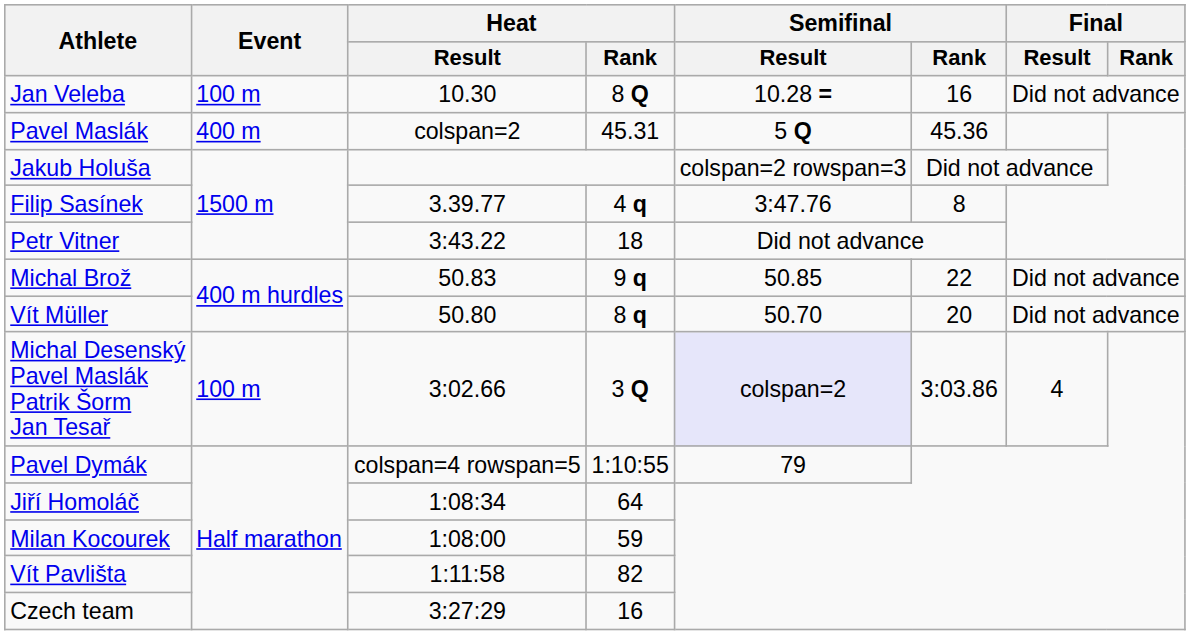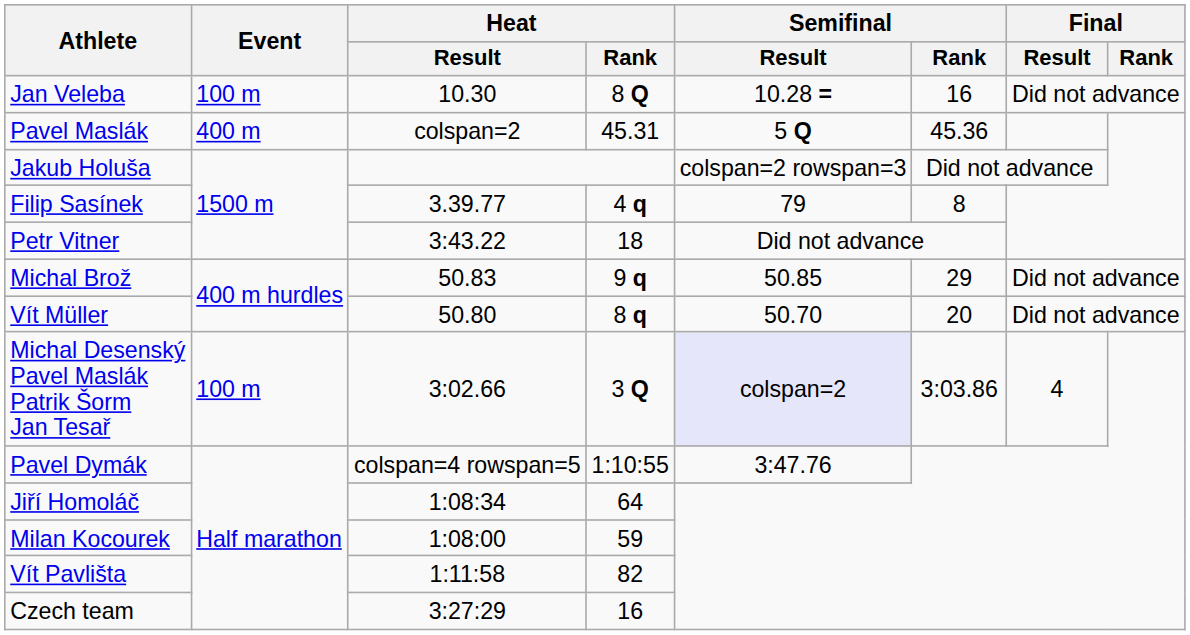 <table class="wikitable" style="font-size:90%">
 <tr>
 <th rowspan=2>Athlete</th>
 <th rowspan=2>Event</th>
 <th colspan=2>Heat</th>
 <th colspan=2>Semifinal</th>
 <th colspan=2>Final</th>
 </tr>
 <tr style="font-size:95%">
 <th>Result</th>
 <th>Rank</th>
 <th>Result</th>
 <th>Rank</th>
 <th>Result</th>
 <th>Rank</th>
 </tr>
 <tr align=center>
 <td align=left><a href='#'>Jan Veleba</a></td>
 <td style="text-align:left;"><a href='#'>100 m</a></td>
 <td>10.30</td>
 <td>8 <strong>Q</strong></td>
 <td>10.28 <strong>=</strong></td>
 <td>16</td>
 <td colspan=2>Did not advance</td>
 </tr>
 <tr align=center>
 <td align=left><a href='#'>Pavel Maslák</a></td>
 <td style="text-align:left;"><a href='#'>400 m</a></td>
 <td>colspan=2 </td>
 <td>45.31 <strong></strong></td>
 <td>5 <strong>Q</strong></td>
 <td>45.36</td>
 <td></td>
 </tr>
 <tr align=center>
 <td align=left><a href='#'>Jakub Holuša</a></td>
 <td style="text-align:left;" rowspan=3><a href='#'>1500 m</a></td>
 <td colspan=2></td>
 <td>colspan=2 rowspan=3 </td>
 <td colspan=2>Did not advance</td>
 </tr>
 <tr align=center>
 <td align=left><a href='#'>Filip Sasínek</a></td>
 <td>3.39.77</td>
 <td>4 <strong>q</strong></td>
-<td>3:47.76</td>
+<td>79</td>
 <td>8</td>
 </tr>
 <tr align=center>
 <td align=left><a href='#'>Petr Vitner</a></td>
 <td>3:43.22</td>
 <td>18</td>
 <td colspan=2>Did not advance</td>
 </tr>
 <tr align=center>
 <td align=left><a href='#'>Michal Brož</a></td>
 <td style="text-align:left;" rowspan=2><a href='#'>400 m hurdles</a></td>
 <td>50.83</td>
 <td>9 <strong>q</strong></td>
 <td>50.85</td>
-<td>22</td>
+<td>29</td>
 <td colspan=2>Did not advance</td>
 </tr>
 <tr align=center>
 <td align=left><a href='#'>Vít Müller</a></td>
 <td>50.80</td>
 <td>8 <strong>q</strong></td>
 <td>50.70</td>
 <td>20</td>
 <td colspan=2>Did not advance</td>
 </tr>
 <tr align=center>
 <td align=left><a href='#'>Michal Desenský</a><br><a href='#'>Pavel Maslák</a><br><a href='#'>Patrik Šorm</a><br><a href='#'>Jan Tesař</a></td>
 <td style="text-align:left;"><a href='#'>100 m</a></td>
 <td>3:02.66 <strong></strong></td>
 <td>3 <strong>Q</strong></td>
 <td style="background: lavender;">colspan=2 </td>
 <td>3:03.86</td>
 <td>4</td>
 </tr>
 <tr align=center>
 <td align=left><a href='#'>Pavel Dymák</a></td>
 <td style="text-align:left;" rowspan=5><a href='#'>Half marathon</a></td>
 <td>colspan=4 rowspan=5 </td>
 <td>1:10:55</td>
-<td>79</td>
+<td>3:47.76</td>
 </tr>
 <tr align=center>
 <td align=left><a href='#'>Jiří Homoláč</a></td>
 <td>1:08:34</td>
 <td>64</td>
 </tr>
 <tr align=center>
 <td align=left><a href='#'>Milan Kocourek</a></td>
 <td>1:08:00</td>
 <td>59</td>
 </tr>
 <tr align=center>
 <td align=left><a href='#'>Vít Pavlišta</a></td>
 <td>1:11:58</td>
 <td>82</td>
 </tr>
 <tr align=center>
 <td align=left>Czech team</td>
 <td>3:27:29</td>
 <td>16</td>
 </tr>
 </table>
